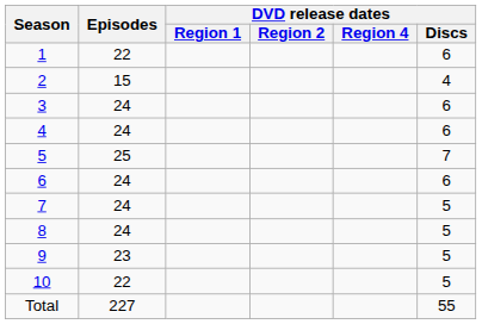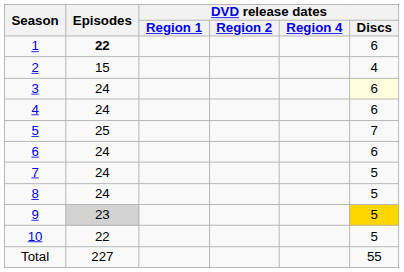 <table class="wikitable plainrowheaders" style="text-align: center;">
 <tr>
 <th style="padding: 0 8px;" scope="col" rowspan="2">Season</th>
 <th style="padding: 0 8px;" scope="col" rowspan="2">Episodes</th>
 <th style="padding: 0 8px;" scope="col" colspan="4"><a href='#'>DVD</a> release dates</th>
 </tr>
 <tr>
 <th style="padding: 0 8px;" scope="col"><a href='#'>Region 1</a></th>
 <th style="padding: 0 8px;" scope="col"><a href='#'>Region 2</a></th>
 <th style="padding: 0 8px;" scope="col"><a href='#'>Region 4</a></th>
 <th style="padding: 0 8px;" scope="col">Discs</th>
 </tr>
 <tr>
 <td scope="row"><a href='#'>1</a></td>
-<td>22</td>
+<td><strong>22</strong></td>
 <td></td>
 <td></td>
 <td></td>
 <td>6</td>
 </tr>
 <tr>
 <td scope="row"><a href='#'>2</a></td>
 <td>15</td>
 <td></td>
 <td></td>
 <td></td>
 <td>4</td>
 </tr>
 <tr>
 <td scope="row"><a href='#'>3</a></td>
 <td>24</td>
 <td></td>
 <td></td>
 <td></td>
-<td>6</td>
+<td style="background: lightyellow;">6</td>
 </tr>
 <tr>
 <td scope="row"><a href='#'>4</a></td>
 <td>24</td>
 <td></td>
 <td></td>
 <td></td>
 <td>6</td>
 </tr>
 <tr>
 <td scope="row"><a href='#'>5</a></td>
 <td>25</td>
 <td></td>
 <td></td>
 <td></td>
 <td>7</td>
 </tr>
 <tr>
 <td scope="row"><a href='#'>6</a></td>
 <td>24</td>
 <td></td>
 <td></td>
 <td></td>
 <td>6</td>
 </tr>
 <tr>
 <td scope="row"><a href='#'>7</a></td>
 <td>24</td>
 <td></td>
 <td></td>
 <td></td>
 <td>5</td>
 </tr>
 <tr>
 <td scope="row"><a href='#'>8</a></td>
 <td>24</td>
 <td></td>
 <td></td>
 <td></td>
 <td>5</td>
 </tr>
 <tr>
 <td scope="row"><a href='#'>9</a></td>
-<td>23</td>
+<td style="background: lightgrey;">23</td>
 <td></td>
 <td></td>
 <td></td>
-<td>5</td>
+<td style="background: gold;">5</td>
 </tr>
 <tr>
 <td scope="row"><a href='#'>10</a></td>
 <td>22</td>
 <td></td>
 <td></td>
 <td></td>
 <td>5</td>
 </tr>
 <tr>
 <td scope="row">Total</td>
 <td>227</td>
 <td></td>
 <td></td>
 <td></td>
 <td>55</td>
 </tr>
 </table>
